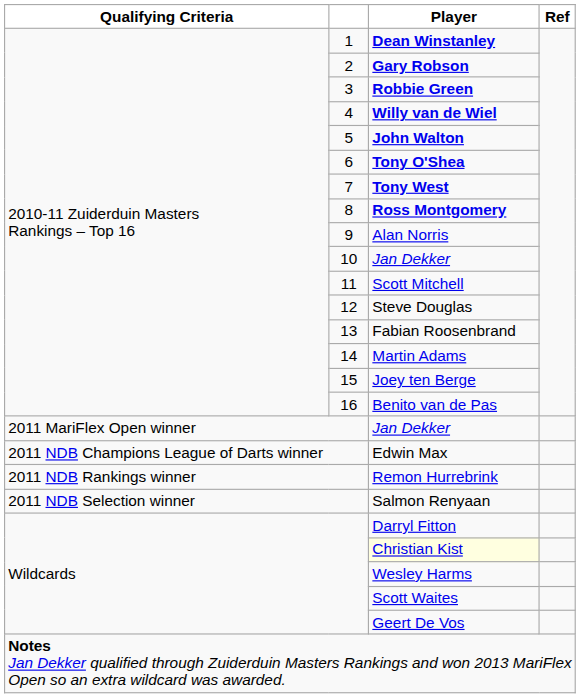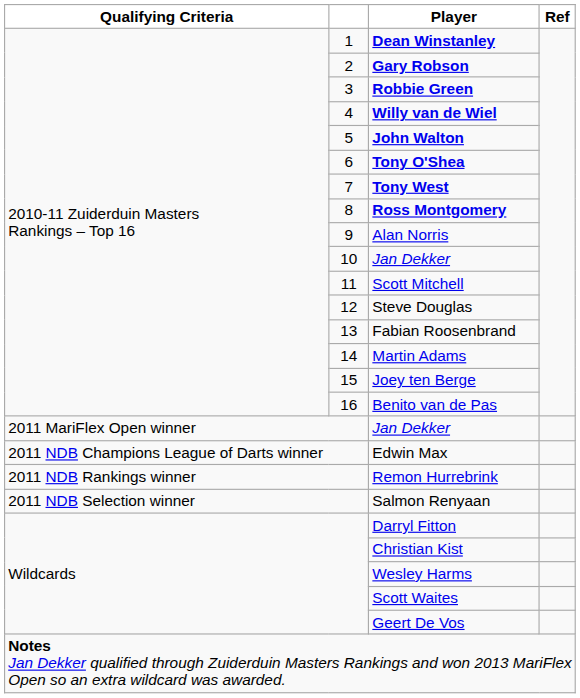 <table class="wikitable sortable collapsible collapsed" style="font-size:85%;">
 <tr>
 <th style="background:#ffffff; color:#000000;">Qualifying Criteria</th>
 <th style="background:#ffffff; color:#000000;"></th>
 <th style="background:#ffffff; color:#000000;">Player</th>
 <th style="background:#ffffff; color:#000000;">Ref</th>
 </tr>
 <tr>
 <td rowspan=16>2010-11 Zuiderduin Masters<br>Rankings – Top 16</td>
 <td style="text-align: center;">1</td>
 <td> <strong><a href='#'>Dean Winstanley</a></strong></td>
 <td rowspan=16></td>
 </tr>
 <tr>
 <td style="text-align: center;">2</td>
 <td> <strong><a href='#'>Gary Robson</a></strong></td>
 </tr>
 <tr>
 <td style="text-align: center;">3</td>
 <td> <strong><a href='#'>Robbie Green</a></strong></td>
 </tr>
 <tr>
 <td style="text-align: center;">4</td>
 <td> <strong><a href='#'>Willy van de Wiel</a></strong></td>
 </tr>
 <tr>
 <td style="text-align: center;">5</td>
 <td> <strong><a href='#'>John Walton</a></strong></td>
 </tr>
 <tr>
 <td style="text-align: center;">6</td>
 <td> <strong><a href='#'>Tony O'Shea</a></strong></td>
 </tr>
 <tr>
 <td style="text-align: center;">7</td>
 <td> <strong><a href='#'>Tony West</a></strong></td>
 </tr>
 <tr>
 <td style="text-align: center;">8</td>
 <td> <strong><a href='#'>Ross Montgomery</a></strong></td>
 </tr>
 <tr>
 <td style="text-align: center;">9</td>
 <td> <a href='#'>Alan Norris</a></td>
 </tr>
 <tr>
 <td style="text-align: center;">10</td>
 <td> <em><a href='#'>Jan Dekker</a></em></td>
 </tr>
 <tr>
 <td style="text-align: center;">11</td>
 <td> <a href='#'>Scott Mitchell</a></td>
 </tr>
 <tr>
 <td style="text-align: center;">12</td>
 <td> Steve Douglas</td>
 </tr>
 <tr>
 <td style="text-align: center;">13</td>
 <td> Fabian Roosenbrand</td>
 </tr>
 <tr>
 <td style="text-align: center;">14</td>
 <td> <a href='#'>Martin Adams</a></td>
 </tr>
 <tr>
 <td style="text-align: center;">15</td>
 <td> <a href='#'>Joey ten Berge</a></td>
 </tr>
 <tr>
 <td style="text-align: center;">16</td>
 <td> <a href='#'>Benito van de Pas</a></td>
 </tr>
 <tr>
 <td colspan=2>2011 MariFlex Open winner</td>
 <td> <em><a href='#'>Jan Dekker</a></em></td>
 <td></td>
 </tr>
 <tr>
 <td colspan=2>2011 <a href='#'>NDB</a> Champions League of Darts winner</td>
 <td> Edwin Max</td>
 <td></td>
 </tr>
 <tr>
 <td colspan=2>2011 <a href='#'>NDB</a> Rankings winner</td>
 <td> <a href='#'>Remon Hurrebrink</a></td>
 <td></td>
 </tr>
 <tr>
 <td colspan=2>2011 <a href='#'>NDB</a> Selection winner</td>
 <td> Salmon Renyaan</td>
 <td></td>
 </tr>
 <tr>
 <td rowspan=5 colspan=2>Wildcards</td>
 <td> <a href='#'>Darryl Fitton</a></td>
 <td></td>
 </tr>
 <tr>
-<td style="background: lightyellow;"> <a href='#'>Christian Kist</a></td>
+<td> <a href='#'>Christian Kist</a></td>
 <td></td>
 </tr>
 <tr>
 <td> <a href='#'>Wesley Harms</a></td>
 <td></td>
 </tr>
 <tr>
 <td> <a href='#'>Scott Waites</a></td>
 <td></td>
 </tr>
 <tr>
 <td> <a href='#'>Geert De Vos</a></td>
 <td></td>
 </tr>
 <tr>
 <td colspan=4><strong>Notes</strong><br><em><a href='#'>Jan Dekker</a> qualified through Zuiderduin Masters Rankings and won 2013 MariFlex</em><br><em>Open so an extra wildcard was awarded.</em></td>
 </tr>
 </table>
